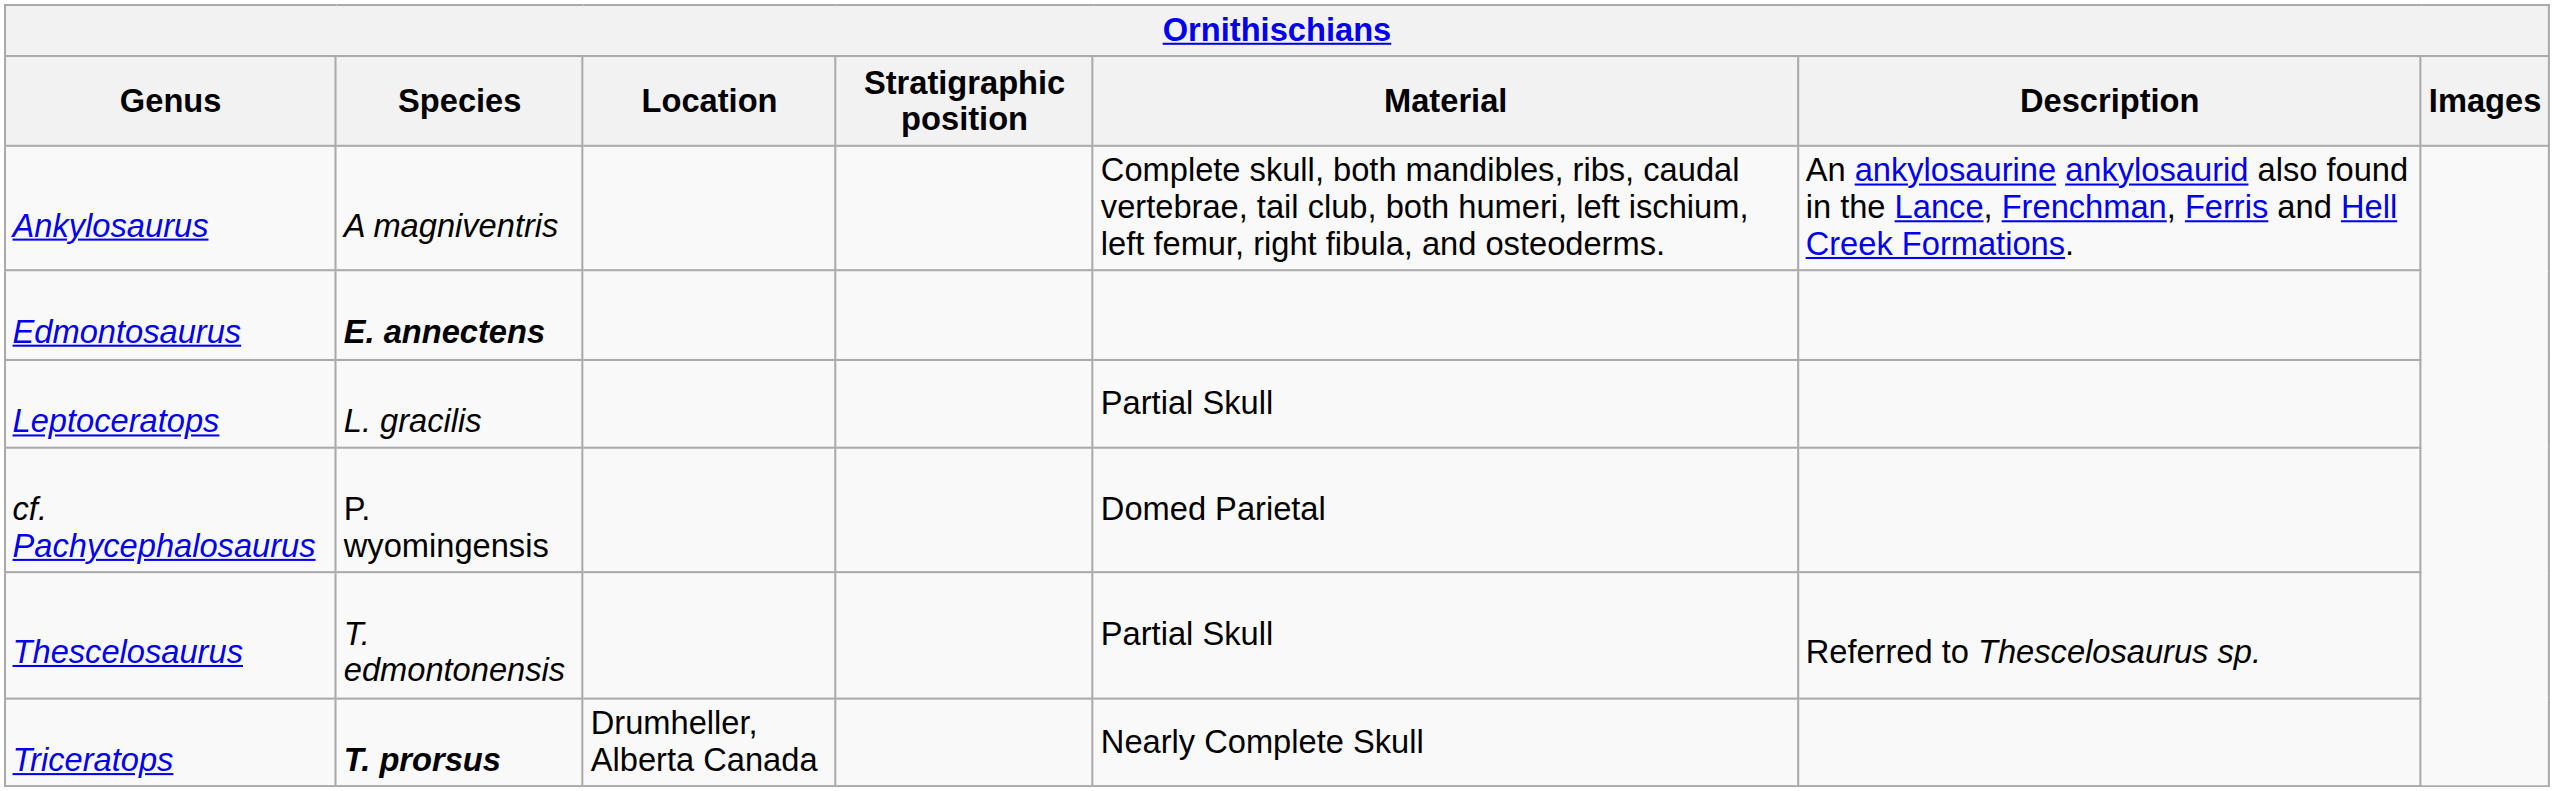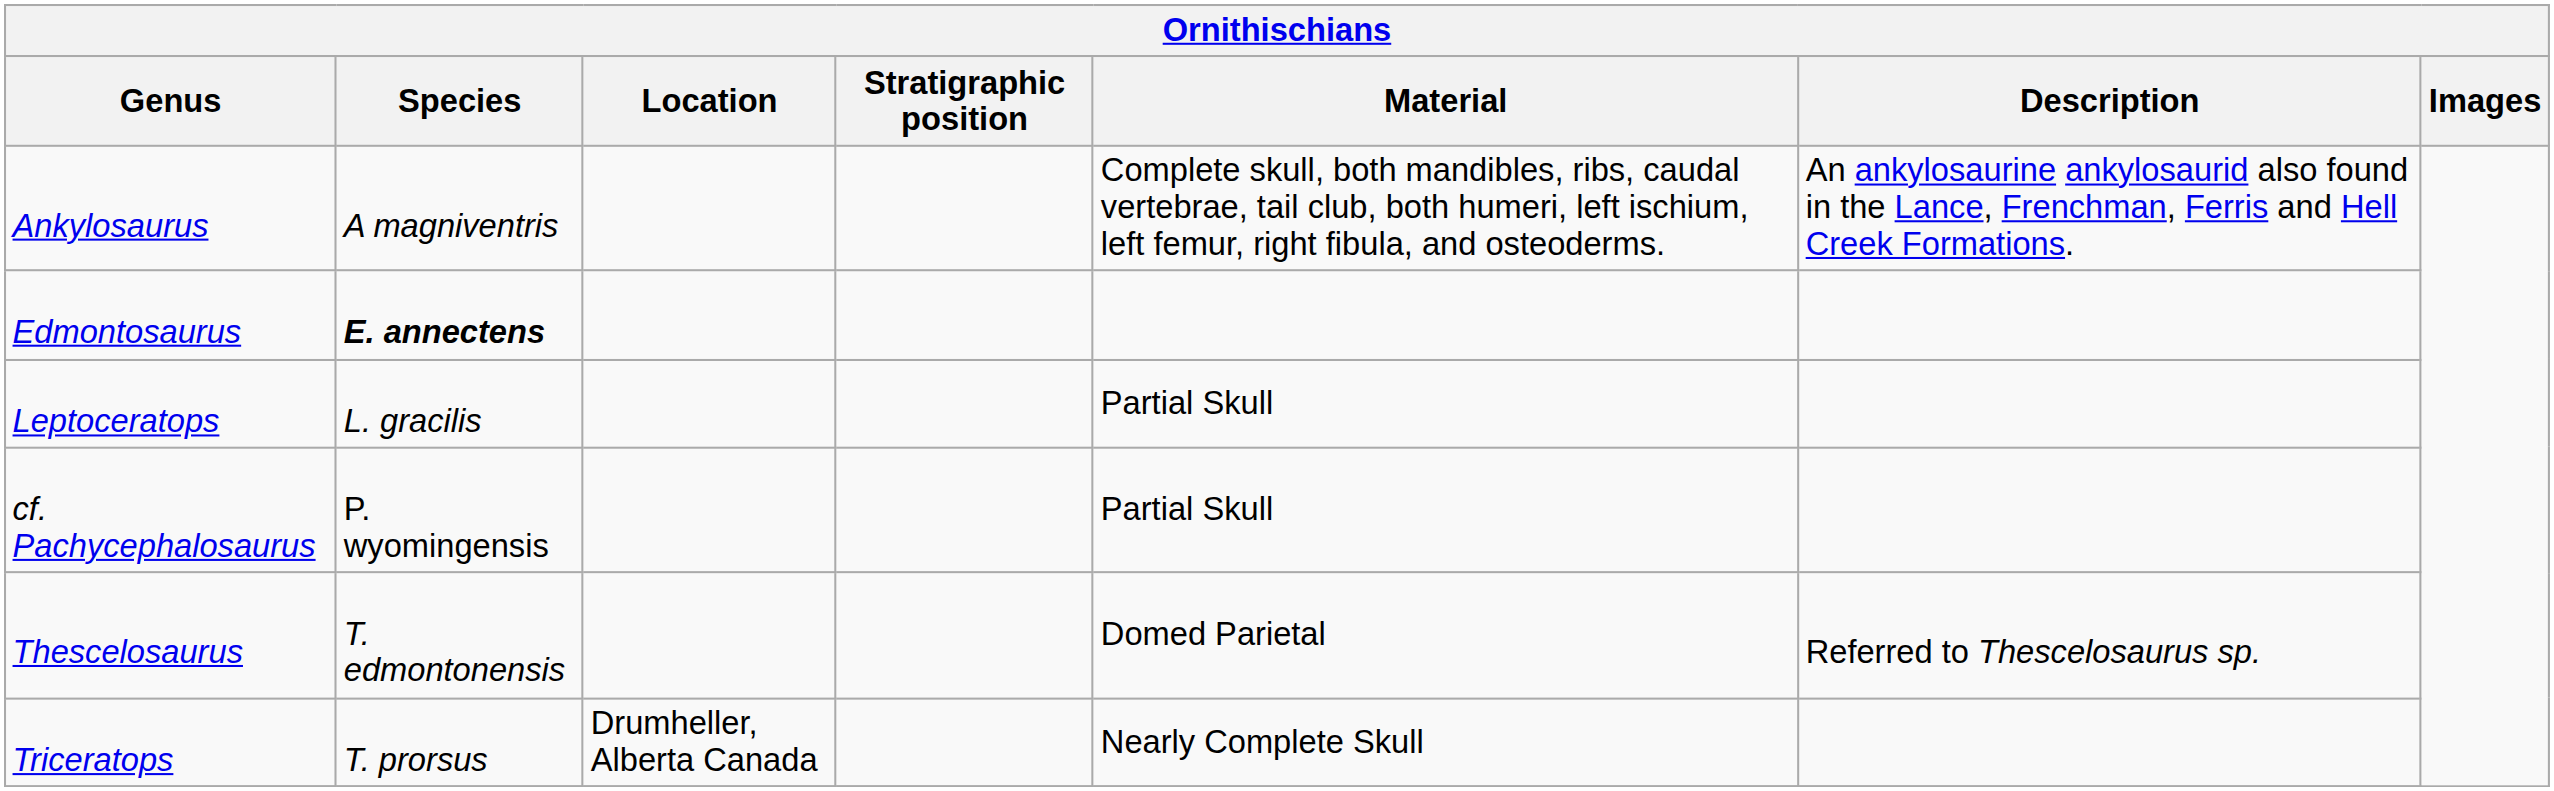 <table class="wikitable" align="center">
 <tr>
 <th colspan="7" align="center"><strong><a href='#'>Ornithischians</a></strong></th>
 </tr>
 <tr>
 <th>Genus</th>
 <th>Species</th>
 <th>Location</th>
 <th>Stratigraphic position</th>
 <th>Material</th>
 <th>Description</th>
 <th>Images</th>
 </tr>
 <tr>
 <td><br><em><a href='#'>Ankylosaurus</a></em></td>
 <td><br><em>A magniventris</em></td>
 <td></td>
 <td></td>
 <td>Complete skull, both mandibles, ribs, caudal vertebrae, tail club, both humeri, left ischium, left femur, right fibula, and osteoderms.</td>
 <td>An <a href='#'>ankylosaurine</a> <a href='#'>ankylosaurid</a> also found in the <a href='#'>Lance</a>, <a href='#'>Frenchman</a>, <a href='#'>Ferris</a> and <a href='#'>Hell Creek Formations</a>.</td>
 <td rowspan="99"><br>     </td>
 </tr>
 <tr>
 <td rowspan="1"><br><em><a href='#'>Edmontosaurus</a></em></td>
 <td><strong><br><em>E. annectens</em></strong></td>
 <td></td>
 <td></td>
 <td></td>
 <td></td>
 </tr>
 <tr>
 <td><br><em><a href='#'>Leptoceratops</a></em></td>
 <td><br><em>L. gracilis</em></td>
 <td></td>
 <td></td>
 <td>Partial Skull</td>
 <td></td>
 </tr>
 <tr>
 <td><br><em>cf. <a href='#'>Pachycephalosaurus</a></em></td>
 <td><br>P. wyomingensis</td>
 <td></td>
 <td></td>
-<td>Domed Parietal</td>
+<td>Partial Skull</td>
 <td></td>
 </tr>
 <tr>
 <td rowspan="1"><br><em><a href='#'>Thescelosaurus</a></em></td>
 <td><br><em>T. edmontonensis</em></td>
 <td></td>
 <td></td>
-<td>Partial Skull</td>
+<td>Domed Parietal</td>
 <td><br>Referred to <em>Thescelosaurus sp.</em></td>
 </tr>
 <tr>
 <td rowspan="1"><br><em><a href='#'>Triceratops</a></em></td>
-<td><strong><br><em>T. prorsus </em></strong></td>
+<td><br><em>T. prorsus </em></td>
 <td>Drumheller, Alberta Canada</td>
 <td></td>
 <td>Nearly Complete Skull</td>
 <td></td>
 </tr>
 <tr>
 </tr>
 </table>
